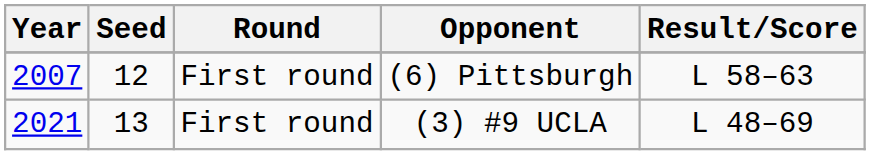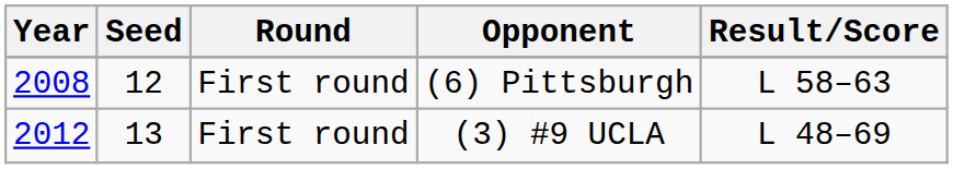 <table class="wikitable" style="text-align:center;">
 <tr>
 <th>Year</th>
 <th>Seed</th>
 <th>Round</th>
 <th>Opponent</th>
 <th>Result/Score</th>
 </tr>
 <tr>
 </tr>
 <tr style="text-align:center;">
-<td><a href='#'>2007</a></td>
+<td><a href='#'>2008</a></td>
 <td>12</td>
 <td>First round</td>
 <td>(6) Pittsburgh</td>
 <td>L 58–63</td>
 </tr>
 <tr style="text-align:center;">
-<td><a href='#'>2021</a></td>
+<td><a href='#'>2012</a></td>
 <td>13</td>
 <td>First round</td>
 <td>(3) #9 UCLA</td>
 <td>L 48–69</td>
 </tr>
 </table>
